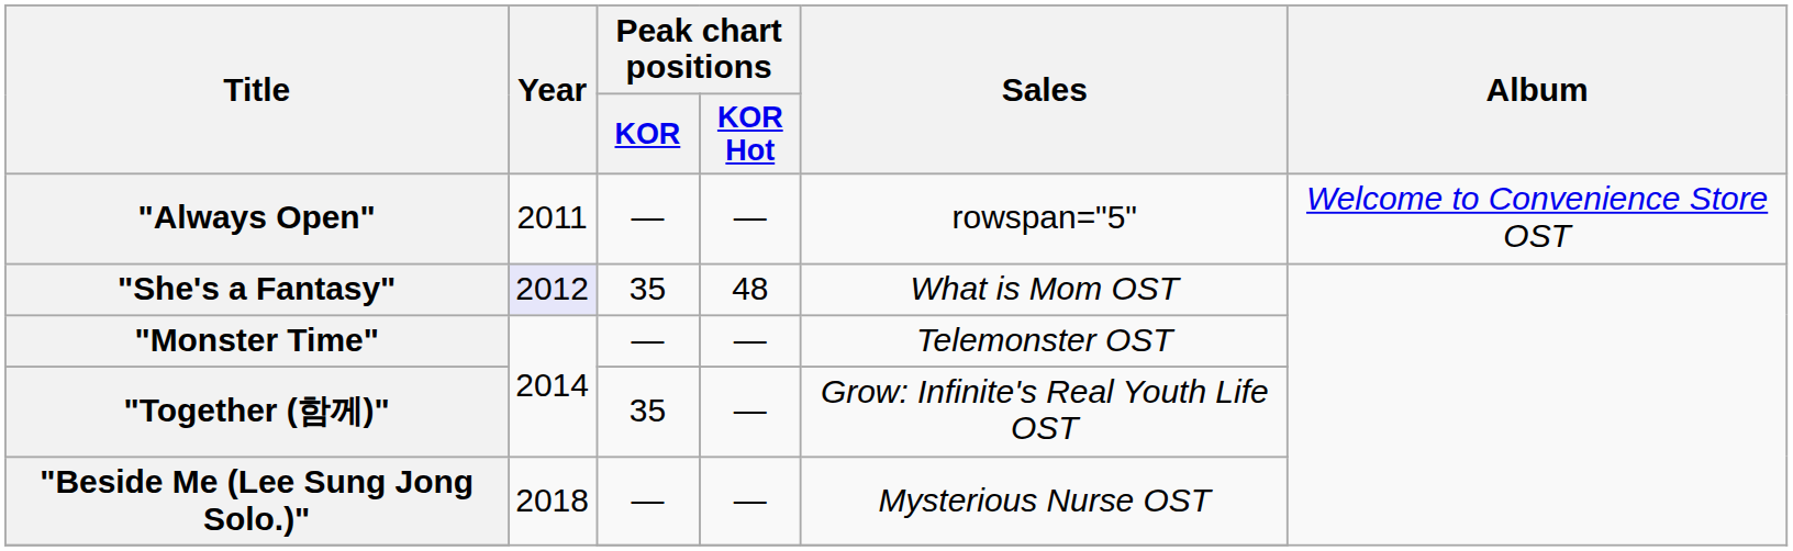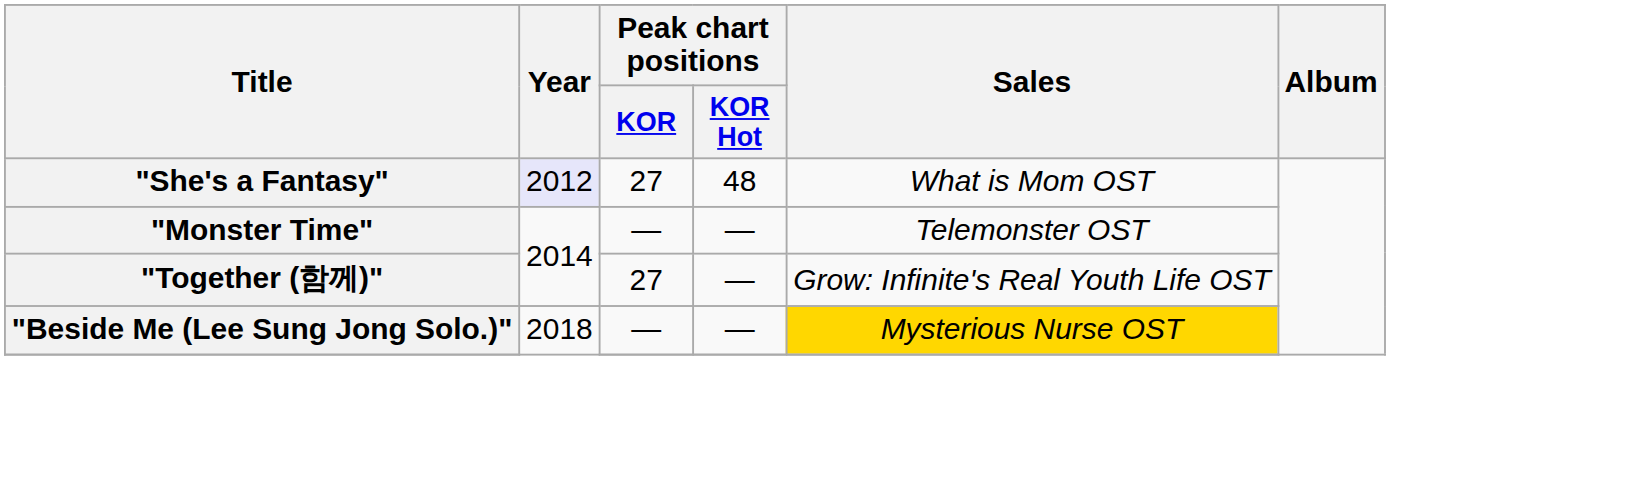 <table class="wikitable plainrowheaders" style="text-align:center;">
 <tr>
 <th scope="col" rowspan="2">Title</th>
 <th scope="col" rowspan="2">Year</th>
 <th scope="col" colspan="2">Peak chart positions</th>
 <th scope="col" rowspan="2">Sales</th>
 <th scope="col" rowspan="2">Album</th>
 </tr>
 <tr>
 <th scope="col" style="width:3em;font-size:90%;"><a href='#'>KOR</a><br></th>
 <th scope="col" style="width:3em;font-size:90%;"><a href='#'>KOR<br>Hot</a><br></th>
 </tr>
 <tr>
-<th scope="row">"Always Open"</th>
-<td>2011</td>
-<td>—</td>
-<td>—</td>
-<td>rowspan="5" </td>
-<td><em><a href='#'>Welcome to Convenience Store</a> OST</em></td>
-</tr>
-<tr>
 <th scope="row">"She's a Fantasy"</th>
 <td style="background: lavender;">2012</td>
-<td>35</td>
+<td>27</td>
 <td>48</td>
 <td><em>What is Mom OST</em></td>
 </tr>
 <tr>
 <th scope="row">"Monster Time"</th>
 <td rowspan="2">2014</td>
 <td>—</td>
 <td>—</td>
 <td><em>Telemonster OST</em></td>
 </tr>
 <tr>
 <th scope="row">"Together (함께)"</th>
-<td>35</td>
+<td>27</td>
 <td>—</td>
 <td><em>Grow: Infinite's Real Youth Life OST</em></td>
 </tr>
 <tr>
 <th scope="row">"Beside Me (Lee Sung Jong Solo.)"</th>
 <td rowspan="2">2018</td>
 <td>—</td>
 <td>—</td>
-<td><em>Mysterious Nurse OST</em></td>
+<td style="background: gold;"><em>Mysterious Nurse OST</em></td>
 </tr>
 <tr>
 </tr>
 </table>
